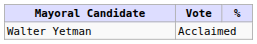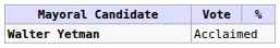 <table class="wikitable">
 <tr>
 <th style="background:#ddf; width:200px;">Mayoral Candidate</th>
 <th style="background:#ddf; width:50px;">Vote</th>
 <th style="background:#ddf; width:30px;">%</th>
 </tr>
 <tr>
-<td>Walter Yetman</td>
+<td><strong>Walter Yetman</strong></td>
 <td colspan="2">Acclaimed</td>
 </tr>
 </table>
